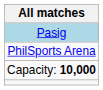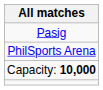 <table class="wikitable" style="text-align:center;">
 <tr>
 <th>All matches</th>
 </tr>
 <tr>
-<td style="background: lightblue;"><a href='#'>Pasig</a></td>
+<td><a href='#'>Pasig</a></td>
 </tr>
 <tr>
 <td><a href='#'>PhilSports Arena</a></td>
 </tr>
 <tr>
 <td>Capacity: <strong>10,000</strong></td>
 </tr>
 <tr>
 <td></td>
 </tr>
 </table>
